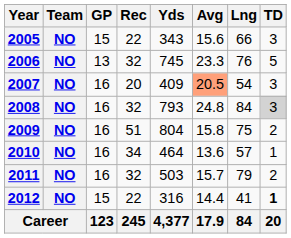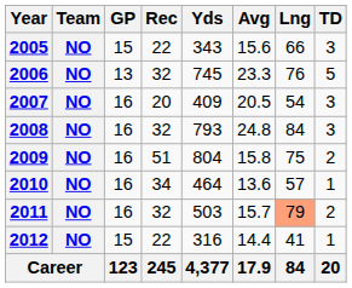 <table class="wikitable" style="text-align: center;">
 <tr>
 <th>Year</th>
 <th>Team</th>
 <th>GP</th>
 <th>Rec</th>
 <th>Yds</th>
 <th>Avg</th>
 <th>Lng</th>
 <th>TD</th>
 </tr>
 <tr>
 <th><a href='#'>2005</a></th>
 <th><a href='#'>NO</a></th>
 <td>15</td>
 <td>22</td>
 <td>343</td>
 <td>15.6</td>
 <td>66</td>
 <td>3</td>
 </tr>
 <tr>
 <th><a href='#'>2006</a></th>
 <th><a href='#'>NO</a></th>
 <td>13</td>
 <td>32</td>
 <td>745</td>
 <td>23.3</td>
 <td>76</td>
 <td>5</td>
 </tr>
 <tr>
 <th><a href='#'>2007</a></th>
 <th><a href='#'>NO</a></th>
 <td>16</td>
 <td>20</td>
 <td>409</td>
-<td style="background: lightsalmon;">20.5</td>
+<td>20.5</td>
 <td>54</td>
 <td>3</td>
 </tr>
 <tr>
 <th><a href='#'>2008</a></th>
 <th><a href='#'>NO</a></th>
 <td>16</td>
 <td>32</td>
 <td>793</td>
 <td>24.8</td>
 <td>84</td>
-<td style="background: lightgrey;">3</td>
+<td>3</td>
 </tr>
 <tr>
 <th><a href='#'>2009</a></th>
 <th><a href='#'>NO</a></th>
 <td>16</td>
 <td>51</td>
 <td>804</td>
 <td>15.8</td>
 <td>75</td>
 <td>2</td>
 </tr>
 <tr>
 <th><a href='#'>2010</a></th>
 <th><a href='#'>NO</a></th>
 <td>16</td>
 <td>34</td>
 <td>464</td>
 <td>13.6</td>
 <td>57</td>
 <td>1</td>
 </tr>
 <tr>
 <th><a href='#'>2011</a></th>
 <th><a href='#'>NO</a></th>
 <td>16</td>
 <td>32</td>
 <td>503</td>
 <td>15.7</td>
-<td>79</td>
+<td style="background: lightsalmon;">79</td>
 <td>2</td>
 </tr>
 <tr>
 <th><a href='#'>2012</a></th>
 <th><a href='#'>NO</a></th>
 <td>15</td>
 <td>22</td>
 <td>316</td>
 <td>14.4</td>
 <td>41</td>
-<td><strong>1</strong></td>
+<td>1</td>
 </tr>
 <tr>
 <th colspan="2">Career</th>
 <th>123</th>
 <th>245</th>
 <th>4,377</th>
 <th>17.9</th>
 <th>84</th>
 <th>20</th>
 </tr>
 </table>
